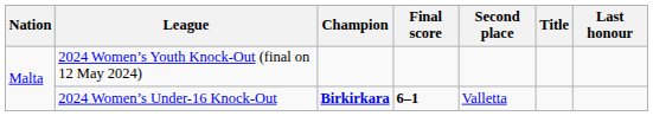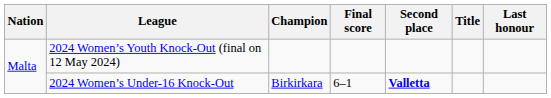 <table class=wikitable style="font-size:14px">
 <tr>
 <th>Nation</th>
 <th>League</th>
 <th>Champion</th>
 <th>Final score</th>
 <th>Second place</th>
 <th data-sort-type="number">Title</th>
 <th>Last honour</th>
 </tr>
 <tr>
 <td align=left rowspan=2> <a href='#'>Malta</a></td>
 <td align=left><a href='#'>2024 Women’s Youth Knock-Out</a> (final on 12 May 2024)</td>
 <td></td>
 <td></td>
 <td></td>
 <td></td>
 <td></td>
 </tr>
 <tr>
 <td align=left><a href='#'>2024 Women’s Under-16 Knock-Out</a></td>
-<td><strong><a href='#'>Birkirkara</a></strong></td>
-<td><strong>6–1</strong></td>
-<td><a href='#'>Valletta</a></td>
+<td><a href='#'>Birkirkara</a></td>
+<td>6–1</td>
+<td><strong><a href='#'>Valletta</a></strong></td>
 <td></td>
 <td></td>
 </tr>
 </table>
